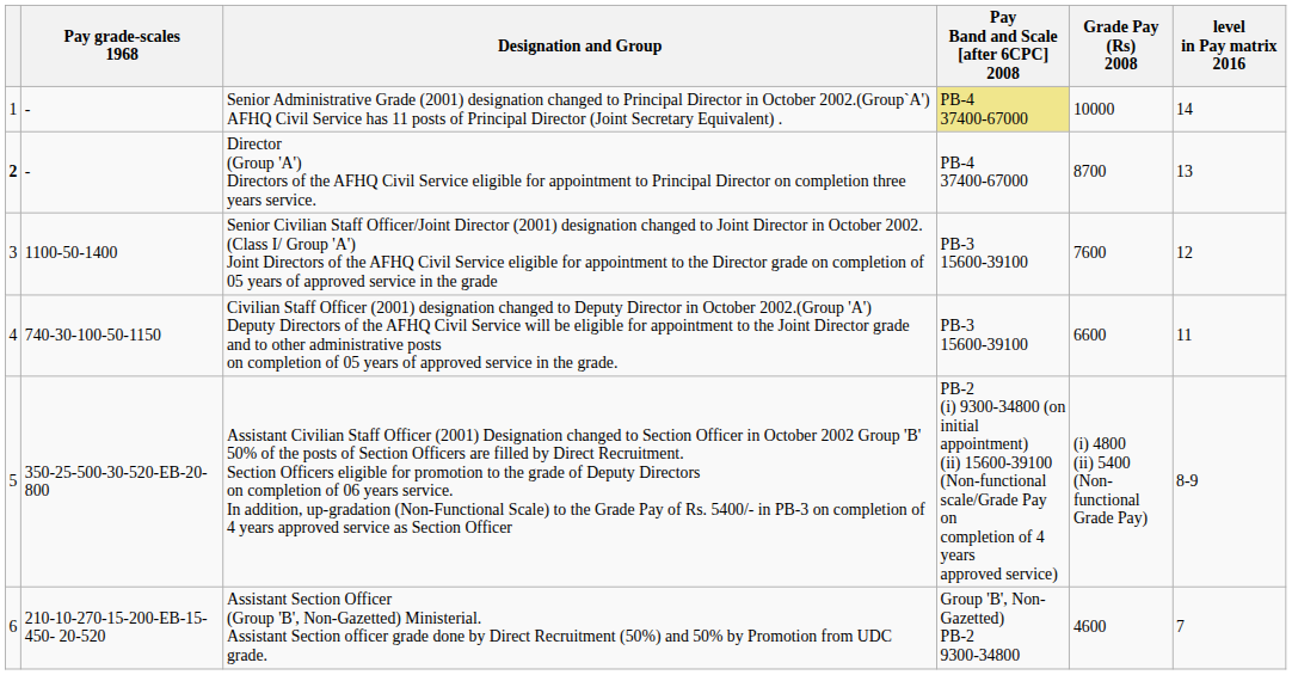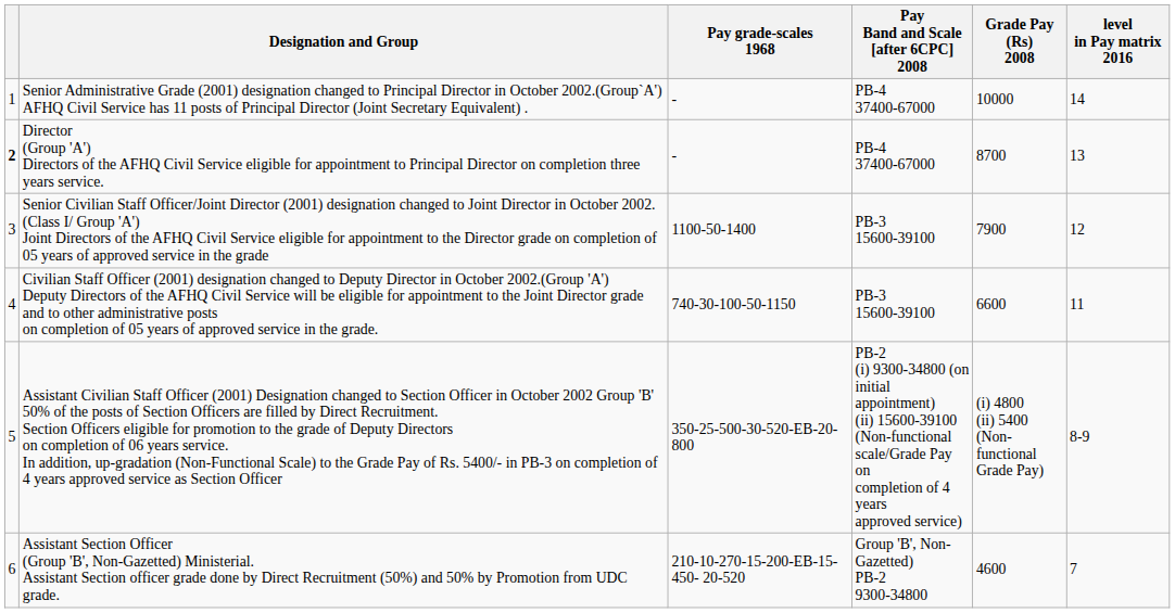 <table class="wikitable sortable">
 <tr>
 <th></th>
+<th>Designation and Group</th>
 <th>Pay grade-scales<br>1968</th>
-<th>Designation and Group</th>
 <th>Pay<br>Band and Scale<br>[after 6CPC]<br>2008</th>
 <th>Grade Pay (Rs)<br>2008</th>
 <th>level<br>in Pay matrix 2016</th>
 </tr>
 <tr>
 <td>1</td>
+<td>Senior Administrative Grade (2001) designation changed to Principal Director in October 2002.(Group`A')<br>AFHQ Civil Service has 11 posts of Principal Director (Joint Secretary Equivalent) .</td>
 <td><em>-</em></td>
-<td>Senior Administrative Grade (2001) designation changed to Principal Director in October 2002.(Group`A')<br>AFHQ Civil Service has 11 posts of Principal Director (Joint Secretary Equivalent) .</td>
-<td style="background: khaki;">PB-4<br>37400-67000</td>
+<td>PB-4<br>37400-67000</td>
 <td>10000</td>
 <td>14</td>
 </tr>
 <tr>
 <td><strong>2</strong></td>
+<td>Director<br>(Group 'A')<br>Directors of the AFHQ Civil Service eligible for appointment to Principal Director on completion three years service.</td>
 <td>-</td>
-<td>Director<br>(Group 'A')<br>Directors of the AFHQ Civil Service eligible for appointment to Principal Director on completion three years service.</td>
 <td>PB-4<br>37400-67000</td>
 <td>8700</td>
 <td>13</td>
 </tr>
 <tr>
 <td>3</td>
+<td>Senior Civilian Staff Officer/Joint Director (2001) designation changed to Joint Director in October 2002.(Class I/ Group 'A')<br>Joint Directors of the AFHQ Civil Service eligible for appointment to the Director grade on completion of 05 years of approved service in the grade</td>
 <td>1100-50-1400</td>
-<td>Senior Civilian Staff Officer/Joint Director (2001) designation changed to Joint Director in October 2002.(Class I/ Group 'A')<br>Joint Directors of the AFHQ Civil Service eligible for appointment to the Director grade on completion of 05 years of approved service in the grade</td>
 <td>PB-3<br>15600-39100</td>
-<td>7600</td>
+<td>7900</td>
 <td>12</td>
 </tr>
 <tr>
 <td>4</td>
+<td>Civilian Staff Officer (2001) designation changed to Deputy Director in October 2002.(Group 'A')<br>Deputy Directors of the AFHQ Civil Service will be eligible for appointment to the Joint Director grade and to other administrative posts<br>on completion of 05 years of approved service in the grade.</td>
 <td>740-30-100-50-1150</td>
-<td>Civilian Staff Officer (2001) designation changed to Deputy Director in October 2002.(Group 'A')<br>Deputy Directors of the AFHQ Civil Service will be eligible for appointment to the Joint Director grade and to other administrative posts<br>on completion of 05 years of approved service in the grade.</td>
 <td>PB-3<br>15600-39100</td>
 <td>6600</td>
 <td>11</td>
 </tr>
 <tr>
 <td>5</td>
+<td>Assistant Civilian Staff Officer (2001) Designation changed to Section Officer in October 2002 Group 'B'<br>50% of the posts of Section Officers are filled by Direct Recruitment.<br>Section Officers eligible for promotion to the grade of Deputy Directors<br>on completion of 06 years service.<br>In addition, up-gradation (Non-Functional Scale) to the Grade Pay of Rs. 5400/- in PB-3 on completion of 4 years approved service as Section Officer</td>
 <td>350-25-500-30-520-EB-20-800</td>
-<td>Assistant Civilian Staff Officer (2001) Designation changed to Section Officer in October 2002 Group 'B'<br>50% of the posts of Section Officers are filled by Direct Recruitment.<br>Section Officers eligible for promotion to the grade of Deputy Directors<br>on completion of 06 years service.<br>In addition, up-gradation (Non-Functional Scale) to the Grade Pay of Rs. 5400/- in PB-3 on completion of 4 years approved service as Section Officer</td>
 <td>PB-2<br>(i) 9300-34800 (on<br>initial appointment)<br>(ii) 15600-39100<br>(Non-functional<br>scale/Grade Pay on<br>completion of 4 years<br>approved service)</td>
 <td>(i) 4800<br>(ii) 5400<br>(Non-<br>functional<br>Grade Pay)</td>
 <td>8-9</td>
 </tr>
 <tr>
 <td>6</td>
+<td>Assistant Section Officer<br>(Group 'B', Non-Gazetted) Ministerial.<br>Assistant Section officer grade done by Direct Recruitment (50%) and 50% by Promotion from UDC grade.</td>
 <td>210-10-270-15-200-EB-15-450- 20-520</td>
-<td>Assistant Section Officer<br>(Group 'B', Non-Gazetted) Ministerial.<br>Assistant Section officer grade done by Direct Recruitment (50%) and 50% by Promotion from UDC grade.</td>
 <td>Group 'B', Non-<br>Gazetted)<br>PB-2<br>9300-34800</td>
 <td>4600</td>
 <td>7</td>
 </tr>
 </table>
